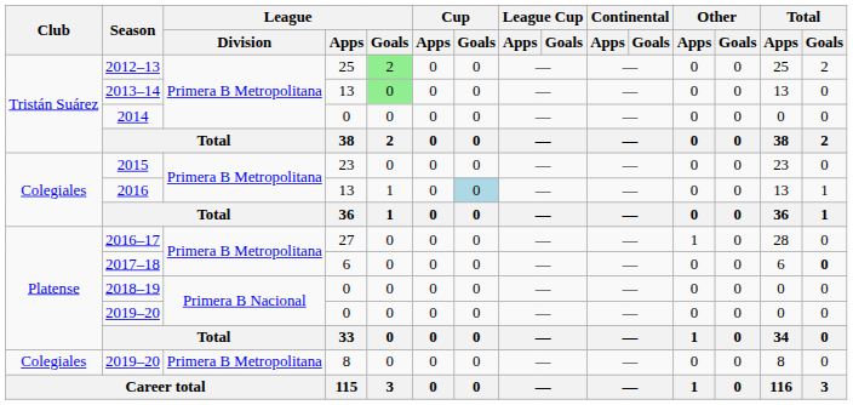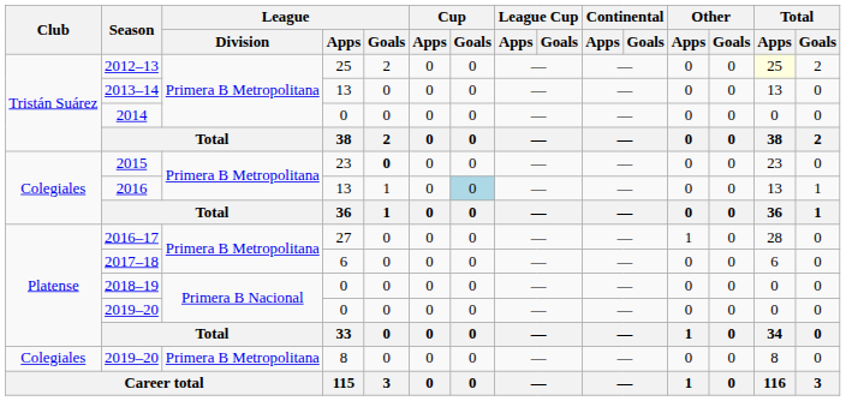 <table class="wikitable" style="text-align:center">
 <tr>
 <th rowspan="2">Club</th>
 <th rowspan="2">Season</th>
 <th colspan="3">League</th>
 <th colspan="2">Cup</th>
 <th colspan="2">League Cup</th>
 <th colspan="2">Continental</th>
 <th colspan="2">Other</th>
 <th colspan="2">Total</th>
 </tr>
 <tr>
 <th>Division</th>
 <th>Apps</th>
 <th>Goals</th>
 <th>Apps</th>
 <th>Goals</th>
 <th>Apps</th>
 <th>Goals</th>
 <th>Apps</th>
 <th>Goals</th>
 <th>Apps</th>
 <th>Goals</th>
 <th>Apps</th>
 <th>Goals</th>
 </tr>
 <tr>
 <td rowspan="4"><a href='#'>Tristán Suárez</a></td>
 <td><a href='#'>2012–13</a></td>
 <td rowspan="3"><a href='#'>Primera B Metropolitana</a></td>
 <td>25</td>
-<td style="background: lightgreen;">2</td>
+<td>2</td>
 <td>0</td>
 <td>0</td>
 <td colspan="2">—</td>
 <td colspan="2">—</td>
 <td>0</td>
 <td>0</td>
-<td>25</td>
+<td style="background: lightyellow;">25</td>
 <td>2</td>
 </tr>
 <tr>
 <td><a href='#'>2013–14</a></td>
 <td>13</td>
-<td style="background: lightgreen;">0</td>
+<td>0</td>
 <td>0</td>
 <td>0</td>
 <td colspan="2">—</td>
 <td colspan="2">—</td>
 <td>0</td>
 <td>0</td>
 <td>13</td>
 <td>0</td>
 </tr>
 <tr>
 <td><a href='#'>2014</a></td>
 <td>0</td>
 <td>0</td>
 <td>0</td>
 <td>0</td>
 <td colspan="2">—</td>
 <td colspan="2">—</td>
 <td>0</td>
 <td>0</td>
 <td>0</td>
 <td>0</td>
 </tr>
 <tr>
 <th colspan="2">Total</th>
 <th>38</th>
 <th>2</th>
 <th>0</th>
 <th>0</th>
 <th colspan="2">—</th>
 <th colspan="2">—</th>
 <th>0</th>
 <th>0</th>
 <th>38</th>
 <th>2</th>
 </tr>
 <tr>
 <td rowspan="3"><a href='#'>Colegiales</a></td>
 <td><a href='#'>2015</a></td>
 <td rowspan="2"><a href='#'>Primera B Metropolitana</a></td>
 <td>23</td>
-<td>0</td>
+<td><strong>0</strong></td>
 <td>0</td>
 <td>0</td>
 <td colspan="2">—</td>
 <td colspan="2">—</td>
 <td>0</td>
 <td>0</td>
 <td>23</td>
 <td>0</td>
 </tr>
 <tr>
 <td><a href='#'>2016</a></td>
 <td>13</td>
 <td>1</td>
 <td>0</td>
 <td style="background: lightblue;">0</td>
 <td colspan="2">—</td>
 <td colspan="2">—</td>
 <td>0</td>
 <td>0</td>
 <td>13</td>
 <td>1</td>
 </tr>
 <tr>
 <th colspan="2">Total</th>
 <th>36</th>
 <th>1</th>
 <th>0</th>
 <th>0</th>
 <th colspan="2">—</th>
 <th colspan="2">—</th>
 <th>0</th>
 <th>0</th>
 <th>36</th>
 <th>1</th>
 </tr>
 <tr>
 <td rowspan="5"><a href='#'>Platense</a></td>
 <td><a href='#'>2016–17</a></td>
 <td rowspan="2"><a href='#'>Primera B Metropolitana</a></td>
 <td>27</td>
 <td>0</td>
 <td>0</td>
 <td>0</td>
 <td colspan="2">—</td>
 <td colspan="2">—</td>
 <td>1</td>
 <td>0</td>
 <td>28</td>
 <td>0</td>
 </tr>
 <tr>
 <td><a href='#'>2017–18</a></td>
 <td>6</td>
 <td>0</td>
 <td>0</td>
 <td>0</td>
 <td colspan="2">—</td>
 <td colspan="2">—</td>
 <td>0</td>
 <td>0</td>
 <td>6</td>
-<td><strong>0</strong></td>
+<td>0</td>
 </tr>
 <tr>
 <td><a href='#'>2018–19</a></td>
 <td rowspan="2"><a href='#'>Primera B Nacional</a></td>
 <td>0</td>
 <td>0</td>
 <td>0</td>
 <td>0</td>
 <td colspan="2">—</td>
 <td colspan="2">—</td>
 <td>0</td>
 <td>0</td>
 <td>0</td>
 <td>0</td>
 </tr>
 <tr>
 <td><a href='#'>2019–20</a></td>
 <td>0</td>
 <td>0</td>
 <td>0</td>
 <td>0</td>
 <td colspan="2">—</td>
 <td colspan="2">—</td>
 <td>0</td>
 <td>0</td>
 <td>0</td>
 <td>0</td>
 </tr>
 <tr>
 <th colspan="2">Total</th>
 <th>33</th>
 <th>0</th>
 <th>0</th>
 <th>0</th>
 <th colspan="2">—</th>
 <th colspan="2">—</th>
 <th>1</th>
 <th>0</th>
 <th>34</th>
 <th>0</th>
 </tr>
 <tr>
 <td rowspan="1"><a href='#'>Colegiales</a></td>
 <td><a href='#'>2019–20</a></td>
 <td rowspan="1"><a href='#'>Primera B Metropolitana</a></td>
 <td>8</td>
 <td>0</td>
 <td>0</td>
 <td>0</td>
 <td colspan="2">—</td>
 <td colspan="2">—</td>
 <td>0</td>
 <td>0</td>
 <td>8</td>
 <td>0</td>
 </tr>
 <tr>
 <th colspan="3">Career total</th>
 <th>115</th>
 <th>3</th>
 <th>0</th>
 <th>0</th>
 <th colspan="2">—</th>
 <th colspan="2">—</th>
 <th>1</th>
 <th>0</th>
 <th>116</th>
 <th>3</th>
 </tr>
 </table>
